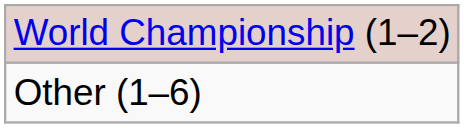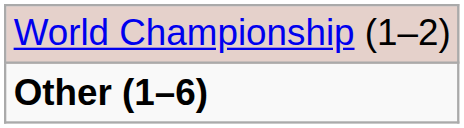 <table class="wikitable">
 <tr style="background:#e5d1cb;">
 <td><a href='#'>World Championship</a> (1–2)</td>
 </tr>
 <tr bgcolor=>
-<td>Other (1–6)</td>
+<td><strong>Other (1–6)</strong></td>
 </tr>
 </table>
